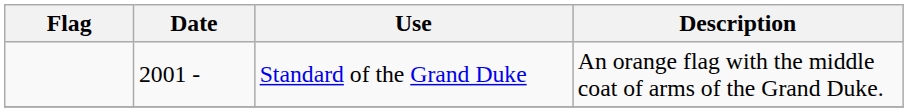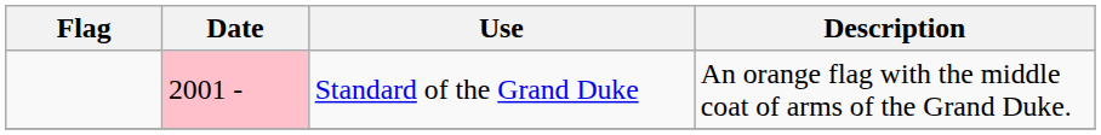 <table class="wikitable">
 <tr>
 <th width="110">Flag</th>
 <th width="100">Date</th>
 <th width="300">Use</th>
 <th width="300">Description</th>
 </tr>
 <tr>
 <td></td>
-<td>2001 -</td>
+<td style="background: pink;">2001 -</td>
 <td><a href='#'>Standard</a> of the <a href='#'>Grand Duke</a></td>
 <td>An orange flag with the middle coat of  arms of the Grand Duke.</td>
 </tr>
 <tr>
 </tr>
 </table>
